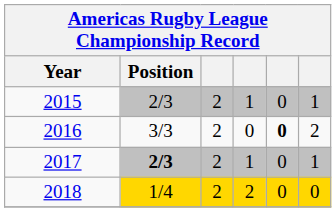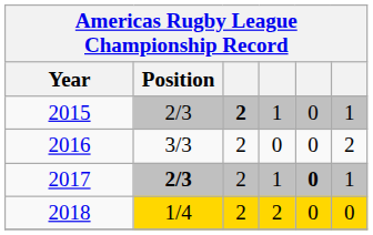 <table class="wikitable" style="text-align: center;">
 <tr>
 <th colspan=7><a href='#'>Americas Rugby League Championship Record</a></th>
 </tr>
 <tr>
 <th style="width:90px;">Year</th>
 <th style="width:60px;">Position</th>
 <th style="width:20px;"></th>
 <th style="width:20px;"></th>
 <th style="width:20px;"></th>
 <th style="width:20px;"></th>
 </tr>
 <tr>
 <td> <a href='#'>2015</a></td>
 <td style="background:silver">2/3</td>
-<td style="background:silver">2</td>
+<td style="background:silver"><strong>2</strong></td>
 <td style="background:silver">1</td>
 <td style="background:silver">0</td>
 <td style="background:silver">1</td>
 </tr>
 <tr>
 <td>  <a href='#'>2016</a></td>
 <td style="background:bronze">3/3</td>
 <td style="background:bronze">2</td>
 <td style="background:bronze">0</td>
-<td style="background:bronze"><strong>0</strong></td>
+<td style="background:bronze">0</td>
 <td style="background:bronze">2</td>
 </tr>
 <tr>
 <td>  <a href='#'>2017</a></td>
 <td style="background:silver"><strong>2/3</strong></td>
 <td style="background:silver">2</td>
 <td style="background:silver">1</td>
-<td style="background:silver">0</td>
+<td style="background:silver"><strong>0</strong></td>
 <td style="background:silver">1</td>
 </tr>
 <tr>
 <td> <a href='#'>2018</a></td>
 <td style="background:gold">1/4</td>
 <td style="background:gold">2</td>
 <td style="background:gold">2</td>
 <td style="background:gold">0</td>
 <td style="background:gold">0</td>
 </tr>
 <tr>
 </tr>
 </table>
